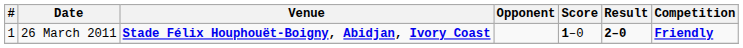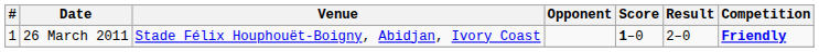 <table class="wikitable sortable" style="font-size:85%">
 <tr>
 <th>#</th>
 <th>Date</th>
 <th>Venue</th>
 <th>Opponent</th>
 <th>Score</th>
 <th>Result</th>
 <th>Competition</th>
 </tr>
 <tr>
 <td>1</td>
 <td>26 March 2011</td>
-<td><strong><a href='#'>Stade Félix Houphouët-Boigny</a>, <a href='#'>Abidjan</a>, <a href='#'>Ivory Coast</a></strong></td>
+<td><a href='#'>Stade Félix Houphouët-Boigny</a>, <a href='#'>Abidjan</a>, <a href='#'>Ivory Coast</a></td>
 <td></td>
 <td><strong>1</strong>–0</td>
-<td><strong>2–0</strong></td>
+<td>2–0</td>
 <td><strong><a href='#'>Friendly</a></strong></td>
 </tr>
 <tr>
 </tr>
 </table>
